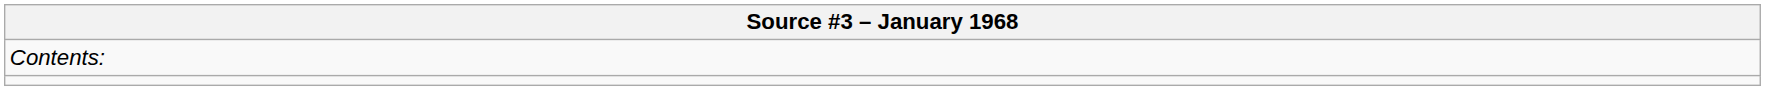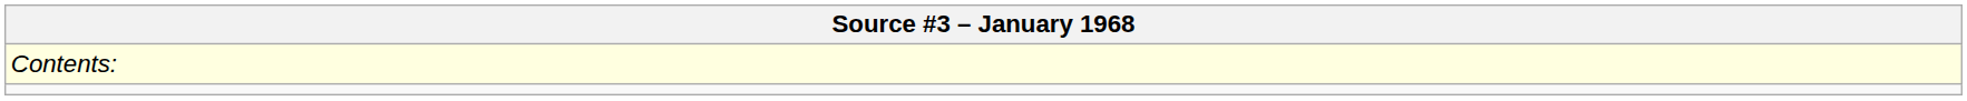 <table class="wikitable" style="width:100%;">
 <tr>
 <th><strong>Source #3</strong> – January 1968</th>
 </tr>
 <tr>
-<td><em>Contents:</em></td>
+<td style="background: lightyellow;"><em>Contents:</em></td>
 </tr>
 <tr>
 <td></td>
 </tr>
 </table>
